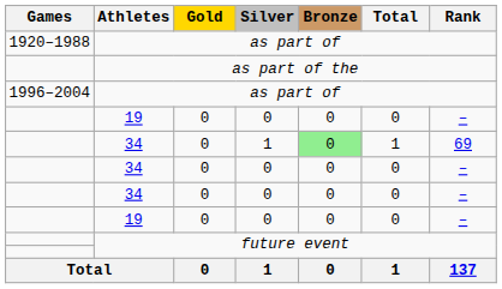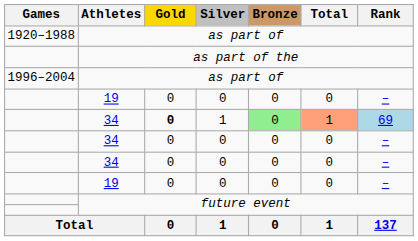 <table class="wikitable" style="text-align:center; font-size:90%;">
 <tr>
 <th>Games</th>
 <th>Athletes</th>
 <td style="background:gold; width:3.7em; font-weight:bold;">Gold</td>
 <td style="background:silver; width:3.7em; font-weight:bold;">Silver</td>
 <td style="background:#cc9966; width:3.7em; font-weight:bold;">Bronze</td>
 <th style="width:4em; font-weight:bold;">Total</th>
 <th style="width:4em; font-weight:bold;">Rank</th>
 </tr>
 <tr>
 <td align=left>1920–1988</td>
 <td colspan=6><em>as part of </em></td>
 </tr>
 <tr>
 <td align=left></td>
 <td colspan=6><em>as part of the </em></td>
 </tr>
 <tr>
 <td align=left>1996–2004</td>
 <td colspan=6><em>as part of </em></td>
 </tr>
 <tr>
 <td align=left></td>
 <td><a href='#'>19</a></td>
 <td>0</td>
 <td>0</td>
 <td>0</td>
 <td>0</td>
 <td><a href='#'>–</a></td>
 </tr>
 <tr>
 <td align=left></td>
 <td><a href='#'>34</a></td>
-<td>0</td>
+<td><strong>0</strong></td>
 <td>1</td>
 <td style="background: lightgreen;">0</td>
-<td>1</td>
-<td><a href='#'>69</a></td>
+<td style="background: lightsalmon;">1</td>
+<td style="background: lightblue;"><a href='#'>69</a></td>
 </tr>
 <tr>
 <td align=left></td>
 <td><a href='#'>34</a></td>
 <td>0</td>
 <td>0</td>
 <td>0</td>
 <td>0</td>
 <td><a href='#'>–</a></td>
 </tr>
 <tr>
 <td align=left></td>
 <td><a href='#'>34</a></td>
 <td>0</td>
 <td>0</td>
 <td>0</td>
 <td>0</td>
 <td><a href='#'>–</a></td>
 </tr>
 <tr>
 <td align=left></td>
 <td><a href='#'>19</a></td>
 <td>0</td>
 <td>0</td>
 <td>0</td>
 <td>0</td>
 <td><a href='#'>–</a></td>
 </tr>
 <tr>
 <td align=left></td>
 <td colspan=6; rowspan=2><em>future event</em></td>
 </tr>
 <tr>
 <td align=left></td>
 </tr>
 <tr>
 <th colspan=2>Total</th>
 <th>0</th>
 <th>1</th>
 <th>0</th>
 <th>1</th>
 <th><a href='#'>137</a></th>
 </tr>
 </table>
